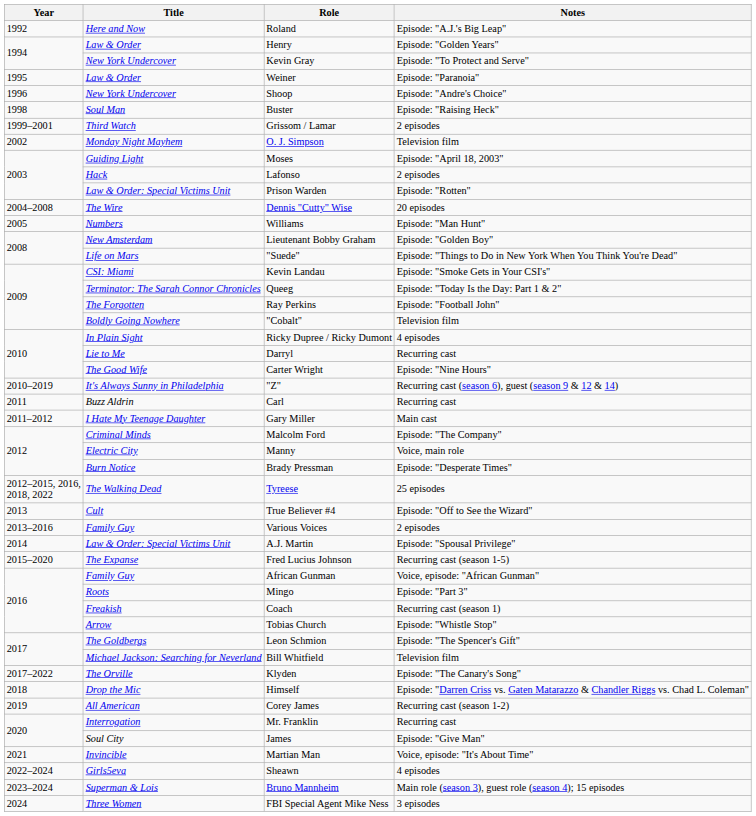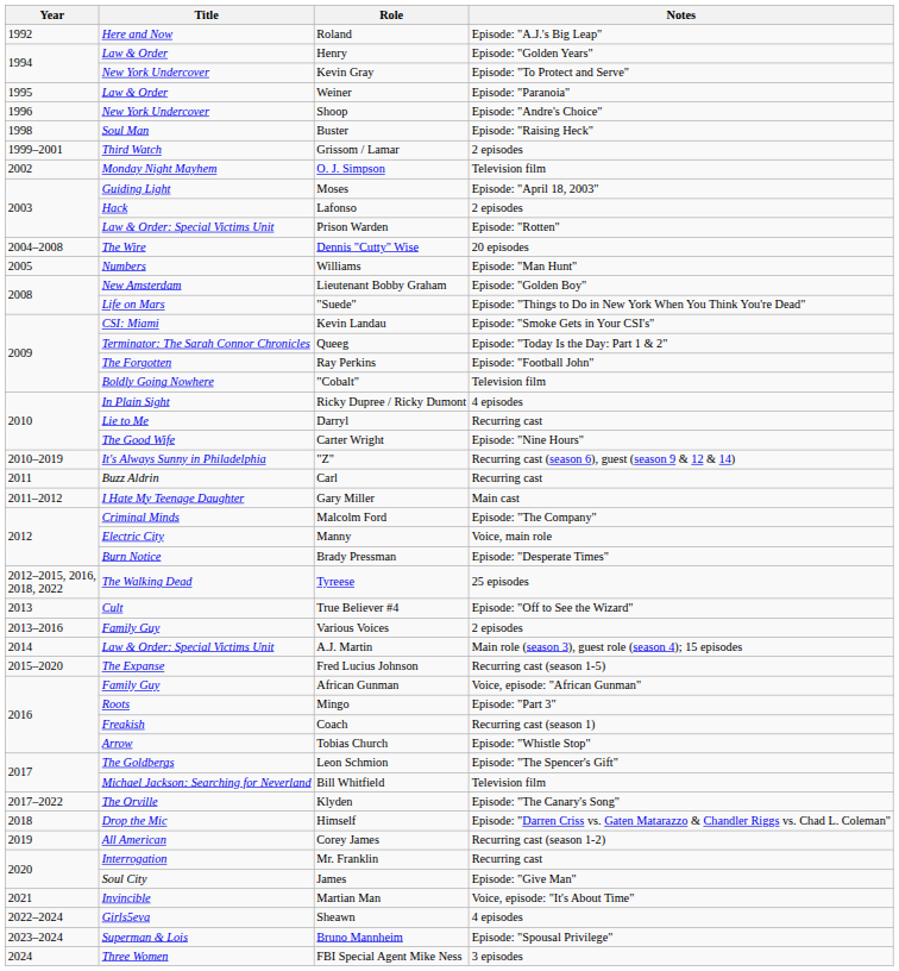 <table class="wikitable sortable">
 <tr>
 <th>Year</th>
 <th>Title</th>
 <th>Role</th>
 <th>Notes</th>
 </tr>
 <tr>
 <td>1992</td>
 <td><em><a href='#'>Here and Now</a></em></td>
 <td>Roland</td>
 <td>Episode: "A.J.'s Big Leap"</td>
 </tr>
 <tr>
 <td rowspan="2">1994</td>
 <td><em><a href='#'>Law & Order</a></em></td>
 <td>Henry</td>
 <td>Episode: "Golden Years"</td>
 </tr>
 <tr>
 <td><em><a href='#'>New York Undercover</a></em></td>
 <td>Kevin Gray</td>
 <td>Episode: "To Protect and Serve"</td>
 </tr>
 <tr>
 <td>1995</td>
 <td><em><a href='#'>Law & Order</a></em></td>
 <td>Weiner</td>
 <td>Episode: "Paranoia"</td>
 </tr>
 <tr>
 <td>1996</td>
 <td><em><a href='#'>New York Undercover</a></em></td>
 <td>Shoop</td>
 <td>Episode: "Andre's Choice"</td>
 </tr>
 <tr>
 <td>1998</td>
 <td><em><a href='#'>Soul Man</a></em></td>
 <td>Buster</td>
 <td>Episode: "Raising Heck"</td>
 </tr>
 <tr>
 <td>1999–2001</td>
 <td><em><a href='#'>Third Watch</a></em></td>
 <td>Grissom / Lamar</td>
 <td>2 episodes</td>
 </tr>
 <tr>
 <td>2002</td>
 <td><em><a href='#'>Monday Night Mayhem</a></em></td>
 <td><a href='#'>O. J. Simpson</a></td>
 <td>Television film</td>
 </tr>
 <tr>
 <td rowspan="3">2003</td>
 <td><em><a href='#'>Guiding Light</a></em></td>
 <td>Moses</td>
 <td>Episode: "April 18, 2003"</td>
 </tr>
 <tr>
 <td><em><a href='#'>Hack</a></em></td>
 <td>Lafonso</td>
 <td>2 episodes</td>
 </tr>
 <tr>
 <td><em><a href='#'>Law & Order: Special Victims Unit</a></em></td>
 <td>Prison Warden</td>
 <td>Episode: "Rotten"</td>
 </tr>
 <tr>
 <td>2004–2008</td>
 <td><em><a href='#'>The Wire</a></em></td>
 <td><a href='#'>Dennis "Cutty" Wise</a></td>
 <td>20 episodes</td>
 </tr>
 <tr>
 <td>2005</td>
 <td><em><a href='#'>Numbers</a></em></td>
 <td>Williams</td>
 <td>Episode: "Man Hunt"</td>
 </tr>
 <tr>
 <td rowspan="2">2008</td>
 <td><em><a href='#'>New Amsterdam</a></em></td>
 <td>Lieutenant Bobby Graham</td>
 <td>Episode: "Golden Boy"</td>
 </tr>
 <tr>
 <td><em><a href='#'>Life on Mars</a></em></td>
 <td>"Suede"</td>
 <td>Episode: "Things to Do in New York When You Think You're Dead"</td>
 </tr>
 <tr>
 <td rowspan="4">2009</td>
 <td><em><a href='#'>CSI: Miami</a></em></td>
 <td>Kevin Landau</td>
 <td>Episode: "Smoke Gets in Your CSI's"</td>
 </tr>
 <tr>
 <td><em><a href='#'>Terminator: The Sarah Connor Chronicles</a></em></td>
 <td>Queeg</td>
 <td>Episode: "Today Is the Day: Part 1 & 2"</td>
 </tr>
 <tr>
 <td><em><a href='#'>The Forgotten</a></em></td>
 <td>Ray Perkins</td>
 <td>Episode: "Football John"</td>
 </tr>
 <tr>
 <td><em><a href='#'>Boldly Going Nowhere</a></em></td>
 <td>"Cobalt"</td>
 <td>Television film</td>
 </tr>
 <tr>
 <td rowspan="3">2010</td>
 <td><em><a href='#'>In Plain Sight</a></em></td>
 <td>Ricky Dupree / Ricky Dumont</td>
 <td>4 episodes</td>
 </tr>
 <tr>
 <td><em><a href='#'>Lie to Me</a></em></td>
 <td>Darryl</td>
 <td>Recurring cast</td>
 </tr>
 <tr>
 <td><em><a href='#'>The Good Wife</a></em></td>
 <td>Carter Wright</td>
 <td>Episode: "Nine Hours"</td>
 </tr>
 <tr>
 <td>2010–2019</td>
 <td><em><a href='#'>It's Always Sunny in Philadelphia</a></em></td>
 <td>"Z"</td>
 <td>Recurring cast (<a href='#'>season 6</a>), guest (<a href='#'>season 9</a> & <a href='#'>12</a> & <a href='#'>14</a>)</td>
 </tr>
 <tr>
 <td>2011</td>
 <td><em>Buzz Aldrin</em></td>
 <td>Carl</td>
 <td>Recurring cast</td>
 </tr>
 <tr>
 <td>2011–2012</td>
 <td><em><a href='#'>I Hate My Teenage Daughter</a></em></td>
 <td>Gary Miller</td>
 <td>Main cast</td>
 </tr>
 <tr>
 <td rowspan="3">2012</td>
 <td><em><a href='#'>Criminal Minds</a></em></td>
 <td>Malcolm Ford</td>
 <td>Episode: "The Company"</td>
 </tr>
 <tr>
 <td><em><a href='#'>Electric City</a></em></td>
 <td>Manny</td>
 <td>Voice, main role</td>
 </tr>
 <tr>
 <td><em><a href='#'>Burn Notice</a></em></td>
 <td>Brady Pressman</td>
 <td>Episode: "Desperate Times"</td>
 </tr>
 <tr>
 <td>2012–2015, 2016,<br>2018, 2022</td>
 <td><em><a href='#'>The Walking Dead</a></em></td>
 <td><a href='#'>Tyreese</a></td>
 <td>25 episodes</td>
 </tr>
 <tr>
 <td>2013</td>
 <td><em><a href='#'>Cult</a></em></td>
 <td>True Believer #4</td>
 <td>Episode: "Off to See the Wizard"</td>
 </tr>
 <tr>
 <td>2013–2016</td>
 <td><em><a href='#'>Family Guy</a></em></td>
 <td>Various Voices</td>
 <td>2 episodes</td>
 </tr>
 <tr>
 <td>2014</td>
 <td><em><a href='#'>Law & Order: Special Victims Unit</a></em></td>
 <td>A.J. Martin</td>
-<td>Episode: "Spousal Privilege"</td>
+<td>Main role (<a href='#'>season 3</a>), guest role (<a href='#'>season 4</a>); 15 episodes</td>
 </tr>
 <tr>
 <td>2015–2020</td>
 <td><em><a href='#'>The Expanse</a></em></td>
 <td>Fred Lucius Johnson</td>
 <td>Recurring cast (season 1-5)</td>
 </tr>
 <tr>
 <td rowspan="4">2016</td>
 <td><em><a href='#'>Family Guy</a></em></td>
 <td>African Gunman</td>
 <td>Voice, episode: "African Gunman"</td>
 </tr>
 <tr>
 <td><em><a href='#'>Roots</a></em></td>
 <td>Mingo</td>
 <td>Episode: "Part 3"</td>
 </tr>
 <tr>
 <td><em><a href='#'>Freakish</a></em></td>
 <td>Coach</td>
 <td>Recurring cast (season 1)</td>
 </tr>
 <tr>
 <td><em><a href='#'>Arrow</a></em></td>
 <td>Tobias Church</td>
 <td>Episode: "Whistle Stop"</td>
 </tr>
 <tr>
 <td rowspan="2">2017</td>
 <td><em><a href='#'>The Goldbergs</a></em></td>
 <td>Leon Schmion</td>
 <td>Episode: "The Spencer's Gift"</td>
 </tr>
 <tr>
 <td><em><a href='#'>Michael Jackson: Searching for Neverland</a></em></td>
 <td>Bill Whitfield</td>
 <td>Television film</td>
 </tr>
 <tr>
 <td>2017–2022</td>
 <td><em><a href='#'>The Orville</a></em></td>
 <td>Klyden</td>
 <td>Episode: "The Canary's Song"</td>
 </tr>
 <tr>
 <td>2018</td>
 <td><em><a href='#'>Drop the Mic</a></em></td>
 <td>Himself</td>
 <td>Episode: "<a href='#'>Darren Criss</a> vs. <a href='#'>Gaten Matarazzo</a> & <a href='#'>Chandler Riggs</a> vs. Chad L. Coleman"</td>
 </tr>
 <tr>
 <td>2019</td>
 <td><em><a href='#'>All American</a></em></td>
 <td>Corey James</td>
 <td>Recurring cast (season 1-2)</td>
 </tr>
 <tr>
 <td rowspan="2">2020</td>
 <td><em><a href='#'>Interrogation</a></em></td>
 <td>Mr. Franklin</td>
 <td>Recurring cast</td>
 </tr>
 <tr>
 <td><em>Soul City</em></td>
 <td>James</td>
 <td>Episode: "Give Man"</td>
 </tr>
 <tr>
 <td>2021</td>
 <td><em><a href='#'>Invincible</a></em></td>
 <td>Martian Man</td>
 <td>Voice, episode: "It's About Time"</td>
 </tr>
 <tr>
 <td>2022–2024</td>
 <td><em><a href='#'>Girls5eva</a></em></td>
 <td>Sheawn</td>
 <td>4 episodes</td>
 </tr>
 <tr>
 <td>2023–2024</td>
 <td><em><a href='#'>Superman & Lois</a></em></td>
 <td><a href='#'>Bruno Mannheim</a></td>
-<td>Main role (<a href='#'>season 3</a>), guest role (<a href='#'>season 4</a>); 15 episodes</td>
+<td>Episode: "Spousal Privilege"</td>
 </tr>
 <tr>
 <td>2024</td>
 <td><em><a href='#'>Three Women</a></em></td>
 <td>FBI Special Agent Mike Ness</td>
 <td>3 episodes</td>
 </tr>
 </table>
